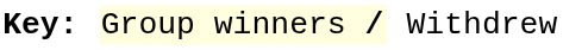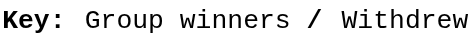 <table style="font-size: 85%;">
 <tr>
 <td height=5></td>
 </tr>
 <tr>
 <td><strong>Key:</strong></td>
 <td></td>
-<td style="background: lightyellow;">Group winners <strong>/</strong></td>
+<td>Group winners <strong>/</strong></td>
 <td></td>
 <td>Withdrew</td>
 </tr>
 </table>
